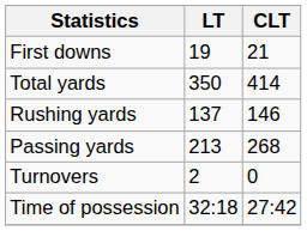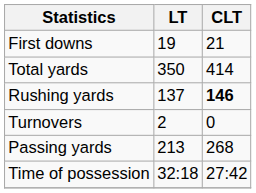 <table class="wikitable">
 <tr>
 <th>Statistics</th>
 <th>LT</th>
 <th>CLT</th>
 </tr>
 <tr>
 <td>First downs</td>
 <td>19</td>
 <td>21</td>
 </tr>
 <tr>
 <td>Total yards</td>
 <td>350</td>
 <td>414</td>
 </tr>
 <tr>
 <td>Rushing yards</td>
 <td>137</td>
-<td>146</td>
+<td><strong>146</strong></td>
+</tr>
+<tr>
+<td>Turnovers</td>
+<td>2</td>
+<td>0</td>
 </tr>
 <tr>
 <td>Passing yards</td>
 <td>213</td>
 <td>268</td>
-</tr>
-<tr>
-<td>Turnovers</td>
-<td>2</td>
-<td>0</td>
 </tr>
 <tr>
 <td>Time of possession</td>
 <td>32:18</td>
 <td>27:42</td>
 </tr>
 <tr>
 </tr>
 </table>
